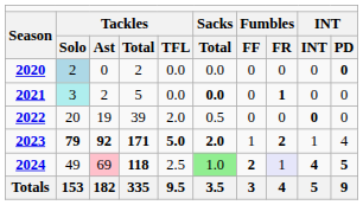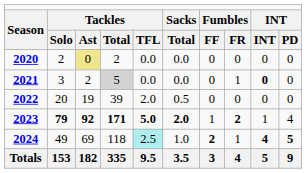 <table class=wikitable style="text-align:center;">
 <tr>
 <td ! colspan="10"></td>
 </tr>
 <tr>
 <th rowspan=2>Season</th>
 <th colspan=4>Tackles</th>
 <th colspan="1">Sacks</th>
 <th colspan="2">Fumbles</th>
 <th colspan="2">INT</th>
 </tr>
 <tr>
 <th>Solo</th>
 <th>Ast</th>
 <th>Total</th>
 <th>TFL</th>
 <th>Total</th>
 <th>FF</th>
 <th>FR</th>
 <th>INT</th>
 <th>PD</th>
 </tr>
 <tr>
 <td><strong><a href='#'>2020</a></strong></td>
-<td style="background: lightblue;">2</td>
-<td>0</td>
+<td>2</td>
+<td style="background: khaki;">0</td>
 <td>2</td>
 <td>0.0</td>
 <td>0.0</td>
 <td>0</td>
 <td>0</td>
 <td>0</td>
-<td><strong>0</strong></td>
+<td>0</td>
 </tr>
 <tr>
 <td><strong><a href='#'>2021</a></strong></td>
-<td style="background: paleturquoise;">3</td>
+<td>3</td>
 <td>2</td>
-<td>5</td>
+<td style="background: lightgrey;">5</td>
 <td>0.0</td>
-<td><strong>0.0</strong></td>
+<td>0.0</td>
 <td>0</td>
-<td><strong>1</strong></td>
-<td>0</td>
+<td>1</td>
+<td><strong>0</strong></td>
 <td>0</td>
 </tr>
 <tr>
 <td><strong><a href='#'>2022</a></strong></td>
 <td>20</td>
 <td>19</td>
 <td>39</td>
 <td>2.0</td>
 <td>0.5</td>
 <td>0</td>
 <td>0</td>
-<td><strong>0</strong></td>
+<td>0</td>
 <td>0</td>
 </tr>
 <tr>
 <td><strong><a href='#'>2023</a></strong></td>
 <td><strong>79</strong></td>
 <td><strong>92</strong></td>
 <td><strong>171</strong></td>
 <td><strong>5.0</strong></td>
 <td><strong>2.0</strong></td>
 <td>1</td>
 <td><strong>2</strong></td>
 <td>1</td>
 <td>4</td>
 </tr>
 <tr>
 <td><strong><a href='#'>2024</a></strong></td>
 <td>49</td>
-<td style="background: pink;">69</td>
-<td><strong>118</strong></td>
-<td>2.5</td>
-<td style="background: lightgreen;">1.0</td>
+<td>69</td>
+<td>118</td>
+<td style="background: paleturquoise;">2.5</td>
+<td>1.0</td>
 <td><strong>2</strong></td>
-<td style="background: lavender;">1</td>
+<td>1</td>
 <td><strong>4</strong></td>
 <td><strong>5</strong></td>
 </tr>
 <tr>
 <th>Totals</th>
 <th>153</th>
 <th>182</th>
 <th>335</th>
 <th>9.5</th>
 <th>3.5</th>
 <th>3</th>
 <th>4</th>
 <th>5</th>
 <th>9</th>
 </tr>
 </table>
